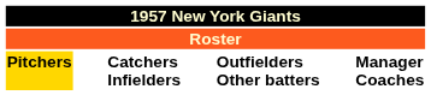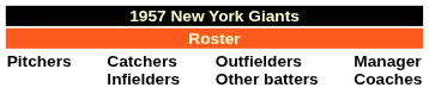 <table class="toccolours" style="font-size: 95%;">
 <tr>
 <th colspan="10" style="background-color: black; color: #FFFDD0; text-align: center;">1957 New York Giants</th>
 </tr>
 <tr>
 <td colspan="10" style="background-color: #fd5a1e; color: #FFFDD0; text-align: center;"><strong>Roster</strong></td>
 </tr>
 <tr>
-<td valign="top" style="background: gold;"><strong>Pitchers</strong><br>                 </td>
+<td valign="top"><strong>Pitchers</strong><br>                 </td>
 <td width="25px"></td>
 <td valign="top"><strong>Catchers</strong><br>   <strong>Infielders</strong>          </td>
 <td width="25px"></td>
 <td valign="top"><strong>Outfielders</strong><br>     <strong>Other batters</strong>  </td>
 <td width="25px"></td>
 <td valign="top"><strong>Manager</strong><br> <strong>Coaches</strong>   </td>
 </tr>
 <tr>
 </tr>
 </table>
